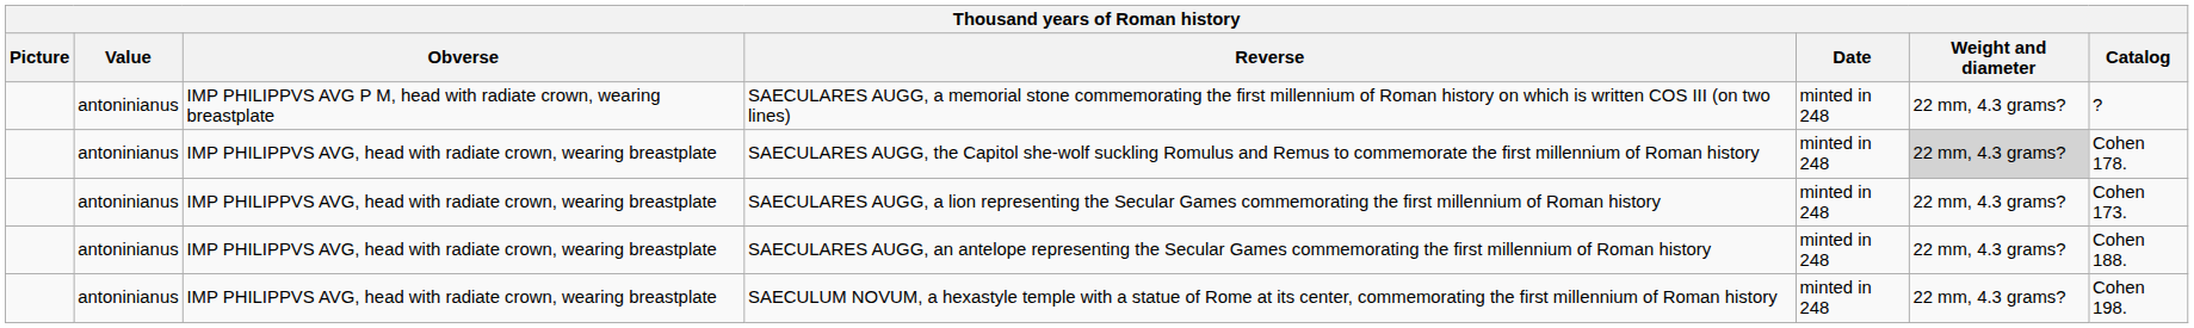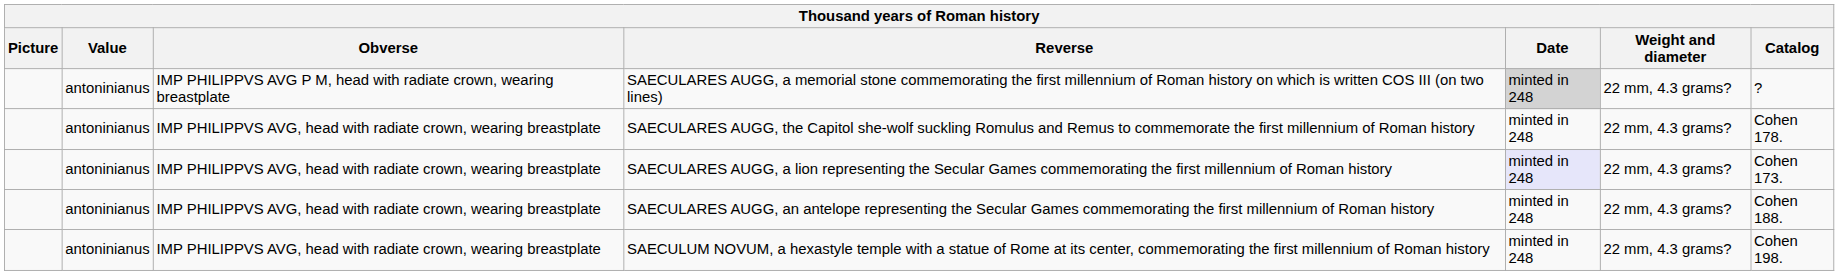 <table class="wikitable">
 <tr>
 <th colspan="7">Thousand years of Roman history</th>
 </tr>
 <tr>
 <th>Picture</th>
 <th>Value</th>
 <th>Obverse</th>
 <th>Reverse</th>
 <th>Date</th>
 <th>Weight and diameter</th>
 <th>Catalog</th>
 </tr>
 <tr>
 <td></td>
 <td>antoninianus</td>
 <td>IMP PHILIPPVS AVG P M, head with radiate crown, wearing breastplate</td>
 <td>SAECULARES AUGG, a memorial stone commemorating the first millennium of Roman history on which is written COS III (on two lines)</td>
-<td>minted in 248</td>
+<td style="background: lightgrey;">minted in 248</td>
 <td>22 mm, 4.3 grams?</td>
 <td>?</td>
 </tr>
 <tr>
 <td></td>
 <td>antoninianus</td>
 <td>IMP PHILIPPVS AVG, head with radiate crown, wearing breastplate</td>
 <td>SAECULARES AUGG, the Capitol she-wolf suckling Romulus and Remus to commemorate the first millennium of Roman history</td>
 <td>minted in 248</td>
-<td style="background: lightgrey;">22 mm, 4.3 grams?</td>
+<td>22 mm, 4.3 grams?</td>
 <td>Cohen 178.</td>
 </tr>
 <tr>
 <td></td>
 <td>antoninianus</td>
 <td>IMP PHILIPPVS AVG, head with radiate crown, wearing breastplate</td>
 <td>SAECULARES AUGG, a lion representing the Secular Games commemorating the first millennium of Roman history</td>
-<td>minted in 248</td>
+<td style="background: lavender;">minted in 248</td>
 <td>22 mm, 4.3 grams?</td>
 <td>Cohen 173.</td>
 </tr>
 <tr>
 <td></td>
 <td>antoninianus</td>
 <td>IMP PHILIPPVS AVG, head with radiate crown, wearing breastplate</td>
 <td>SAECULARES AUGG, an antelope representing the Secular Games commemorating the first millennium of Roman history</td>
 <td>minted in 248</td>
 <td>22 mm, 4.3 grams?</td>
 <td>Cohen 188.</td>
 </tr>
 <tr>
 <td></td>
 <td>antoninianus</td>
 <td>IMP PHILIPPVS AVG, head with radiate crown, wearing breastplate</td>
 <td>SAECULUM NOVUM, a hexastyle temple with a statue of Rome at its center, commemorating the first millennium of Roman history</td>
 <td>minted in 248</td>
 <td>22 mm, 4.3 grams?</td>
 <td>Cohen 198.</td>
 </tr>
 </table>
